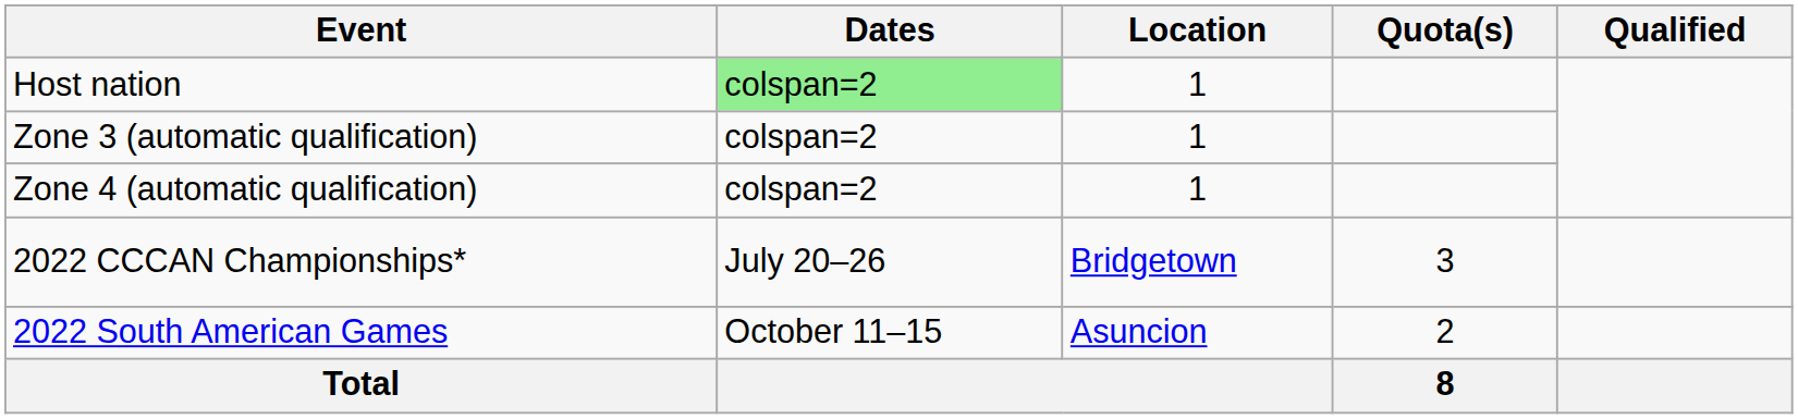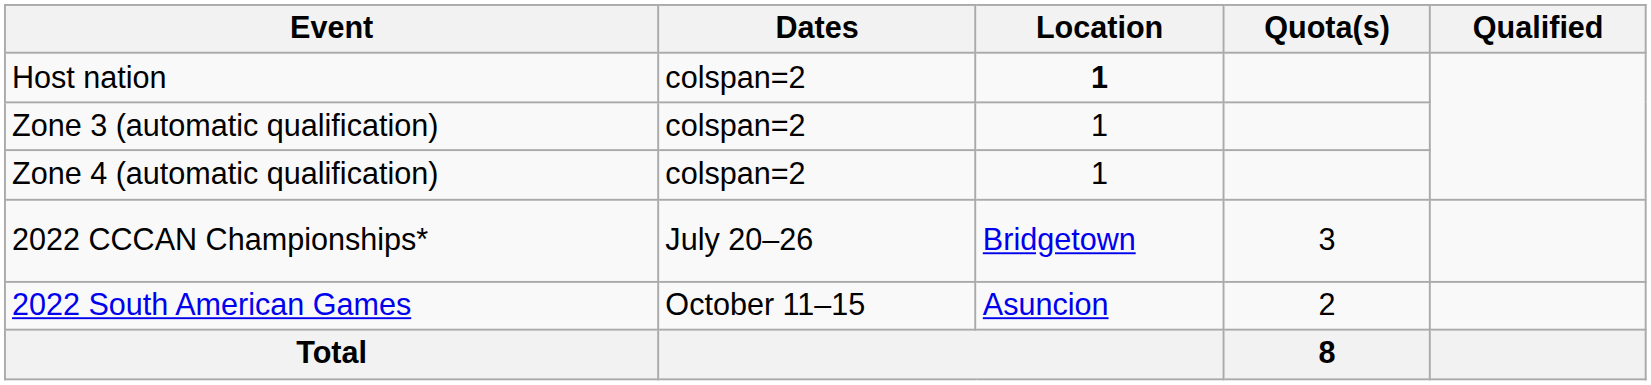 <table class="wikitable" width=860>
 <tr>
 <th>Event</th>
 <th>Dates</th>
 <th>Location</th>
 <th>Quota(s)</th>
 <th>Qualified</th>
 </tr>
 <tr>
 <td>Host nation</td>
-<td style="background: lightgreen;">colspan=2 </td>
-<td align=center>1</td>
+<td>colspan=2 </td>
+<td align=center><strong>1</strong></td>
 <td></td>
 </tr>
 <tr>
 <td>Zone 3 (automatic qualification)</td>
 <td>colspan=2 </td>
 <td align=center>1</td>
 <td></td>
 </tr>
 <tr>
 <td>Zone 4 (automatic qualification)</td>
 <td>colspan=2 </td>
 <td align=center>1</td>
 <td></td>
 </tr>
 <tr>
 <td>2022 CCCAN Championships*</td>
 <td>July 20–26</td>
 <td> <a href='#'>Bridgetown</a></td>
 <td align=center>3</td>
 <td><br><br></td>
 </tr>
 <tr>
 <td><a href='#'>2022 South American Games</a></td>
 <td>October 11–15</td>
 <td> <a href='#'>Asuncion</a></td>
 <td align=center>2</td>
 <td><br></td>
 </tr>
 <tr>
 <th>Total</th>
 <th colspan="2"></th>
 <th>8</th>
 <th></th>
 </tr>
 </table>
